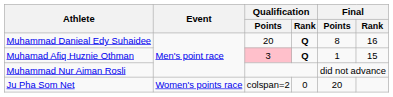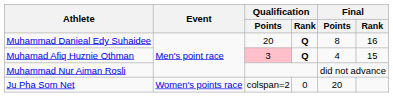 <table class="wikitable" style="font-size:90%;">
 <tr>
 <th rowspan=2>Athlete</th>
 <th rowspan=2>Event</th>
 <th colspan=2>Qualification</th>
 <th colspan=2>Final</th>
 </tr>
 <tr style="font-size:95%">
 <th>Points</th>
 <th>Rank</th>
 <th>Points</th>
 <th>Rank</th>
 </tr>
 <tr align=center>
 <td align=left><a href='#'>Muhammad Danieal Edy Suhaidee</a></td>
 <td align=left rowspan=3><a href='#'>Men's point race</a></td>
 <td>20</td>
 <td><strong>Q</strong></td>
 <td>8</td>
 <td>16</td>
 </tr>
 <tr align=center>
 <td align=left><a href='#'>Muhamad Afiq Huznie Othman</a></td>
 <td style="background: pink;">3</td>
 <td><strong>Q</strong></td>
-<td>1</td>
+<td>4</td>
 <td>15</td>
 </tr>
 <tr align=center>
 <td align=left><a href='#'>Muhammad Nur Aiman Rosli</a></td>
 <td colspan=2></td>
 <td colspan=2>did not advance</td>
 </tr>
 <tr align=center>
 <td align=left><a href='#'>Ju Pha Som Net</a></td>
 <td align=left><a href='#'>Women's points race</a></td>
 <td>colspan=2 </td>
 <td>0</td>
 <td>20</td>
 </tr>
 </table>
